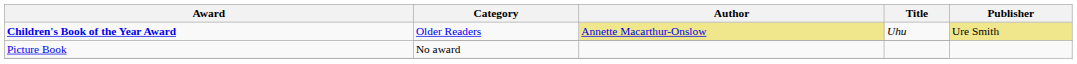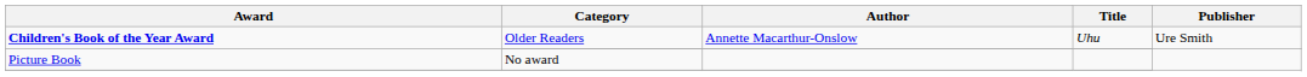 <table class="wikitable" width=95%>
 <tr>
 <th>Award</th>
 <th>Category</th>
 <th>Author</th>
 <th>Title</th>
 <th>Publisher</th>
 </tr>
 <tr>
 <td rowspan=2><strong><a href='#'>Children's Book of the Year Award</a></strong></td>
 <td><a href='#'>Older Readers</a></td>
-<td style="background: khaki;"><a href='#'>Annette Macarthur-Onslow</a></td>
+<td><a href='#'>Annette Macarthur-Onslow</a></td>
 <td><em>Uhu</em></td>
-<td style="background: khaki;">Ure Smith</td>
+<td>Ure Smith</td>
 </tr>
 <tr>
 </tr>
 <tr>
 <td><a href='#'>Picture Book</a></td>
 <td>No award</td>
 <td></td>
 <td></td>
 </tr>
 <tr>
 </tr>
 </table>
